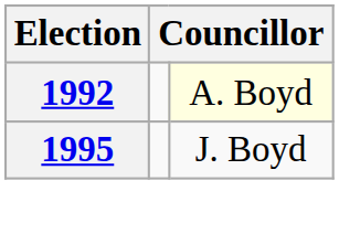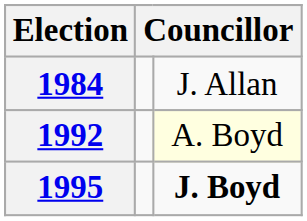 <table class="wikitable" style="text-align:center">
 <tr>
 <th>Election</th>
 <th colspan=2>Councillor</th>
+</tr>
+<tr>
+<th><a href='#'>1984</a></th>
+<td style="background-color: "></td>
+<td>J. Allan</td>
 </tr>
 <tr>
 <th><a href='#'>1992</a></th>
 <td style="background-color: "></td>
 <td style="background: lightyellow;">A. Boyd</td>
 </tr>
 <tr>
 <th><a href='#'>1995</a></th>
 <td style="background-color: "></td>
-<td>J. Boyd</td>
+<td><strong>J. Boyd</strong></td>
 </tr>
 </table>
